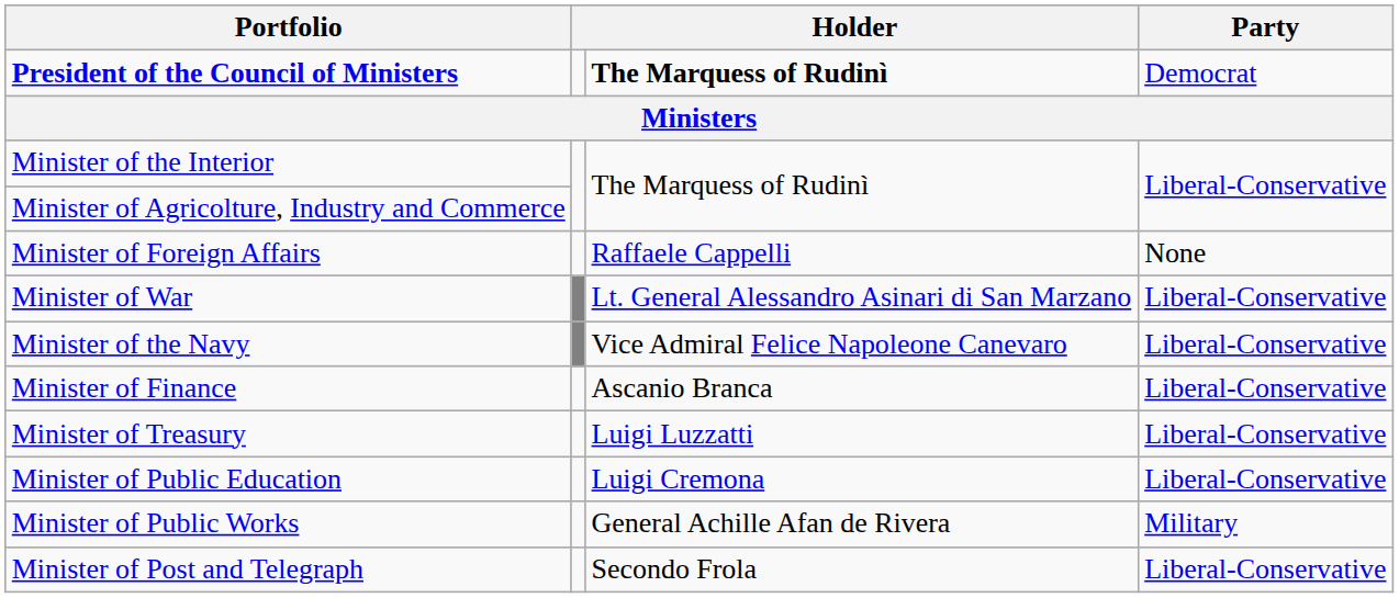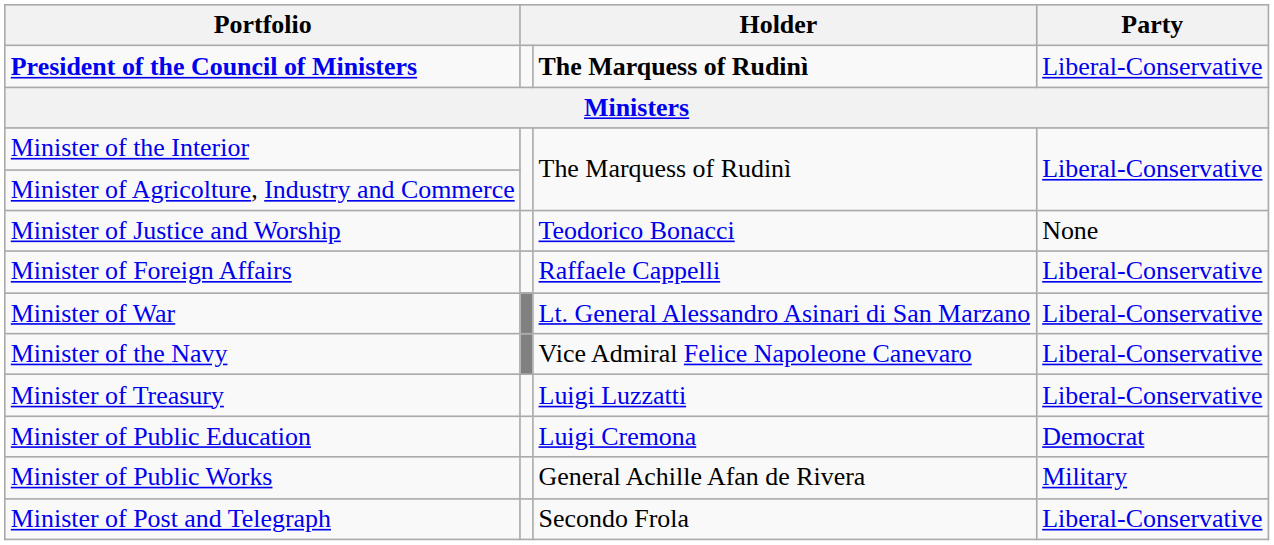 <table class="wikitable">
 <tr>
 <th>Portfolio</th>
 <th colspan=2>Holder</th>
 <th>Party</th>
 </tr>
 <tr>
 <td><strong><a href='#'>President of the Council of Ministers</a></strong></td>
 <td style="background:"></td>
 <td><strong>The Marquess of Rudinì</strong></td>
-<td><a href='#'>Democrat</a></td>
+<td><a href='#'>Liberal-Conservative</a></td>
 </tr>
 <tr>
 <th colspan=4 align=center><a href='#'>Ministers</a></th>
 </tr>
 <tr>
 <td><a href='#'>Minister of the Interior</a></td>
 <td rowspan=2 style="background:"></td>
 <td rowspan=2>The Marquess of Rudinì</td>
 <td rowspan=2><a href='#'>Liberal-Conservative</a></td>
 </tr>
 <tr>
 <td><a href='#'>Minister of Agricolture</a>, <a href='#'>Industry and Commerce</a></td>
 </tr>
 <tr>
+<td><a href='#'>Minister of Justice and Worship</a></td>
+<td style="background:"></td>
+<td><a href='#'>Teodorico Bonacci</a></td>
+<td>None</td>
+</tr>
+<tr>
 <td><a href='#'>Minister of Foreign Affairs</a></td>
 <td style="background:"></td>
 <td><a href='#'>Raffaele Cappelli</a></td>
-<td>None</td>
+<td><a href='#'>Liberal-Conservative</a></td>
 </tr>
 <tr>
 <td><a href='#'>Minister of War</a></td>
 <td style="background:#808080;"></td>
 <td><a href='#'>Lt. General Alessandro Asinari di San Marzano</a></td>
 <td><a href='#'>Liberal-Conservative</a></td>
 </tr>
 <tr>
 <td><a href='#'>Minister of the Navy</a></td>
 <td style="background:#808080;"></td>
 <td>Vice Admiral <a href='#'>Felice Napoleone Canevaro</a></td>
 <td><a href='#'>Liberal-Conservative</a></td>
 </tr>
 <tr>
-<td><a href='#'>Minister of Finance</a></td>
-<td style="background:"></td>
-<td>Ascanio Branca</td>
-<td><a href='#'>Liberal-Conservative</a></td>
-</tr>
-<tr>
 <td><a href='#'>Minister of Treasury</a></td>
 <td style="background:"></td>
 <td><a href='#'>Luigi Luzzatti</a></td>
 <td><a href='#'>Liberal-Conservative</a></td>
 </tr>
 <tr>
 <td><a href='#'>Minister of Public Education</a></td>
 <td style="background:"></td>
 <td><a href='#'>Luigi Cremona</a></td>
-<td><a href='#'>Liberal-Conservative</a></td>
+<td><a href='#'>Democrat</a></td>
 </tr>
 <tr>
 <td><a href='#'>Minister of Public Works</a></td>
 <td style="background:"></td>
 <td>General Achille Afan de Rivera</td>
 <td><a href='#'>Military</a></td>
 </tr>
 <tr>
 <td><a href='#'>Minister of Post and Telegraph</a></td>
 <td style="background:"></td>
 <td>Secondo Frola</td>
 <td><a href='#'>Liberal-Conservative</a></td>
 </tr>
 </table>
